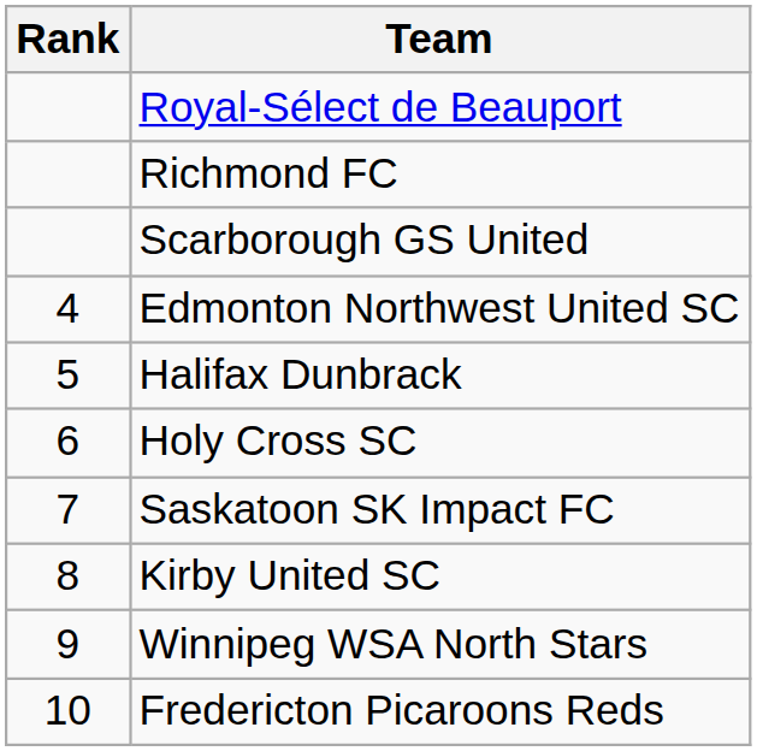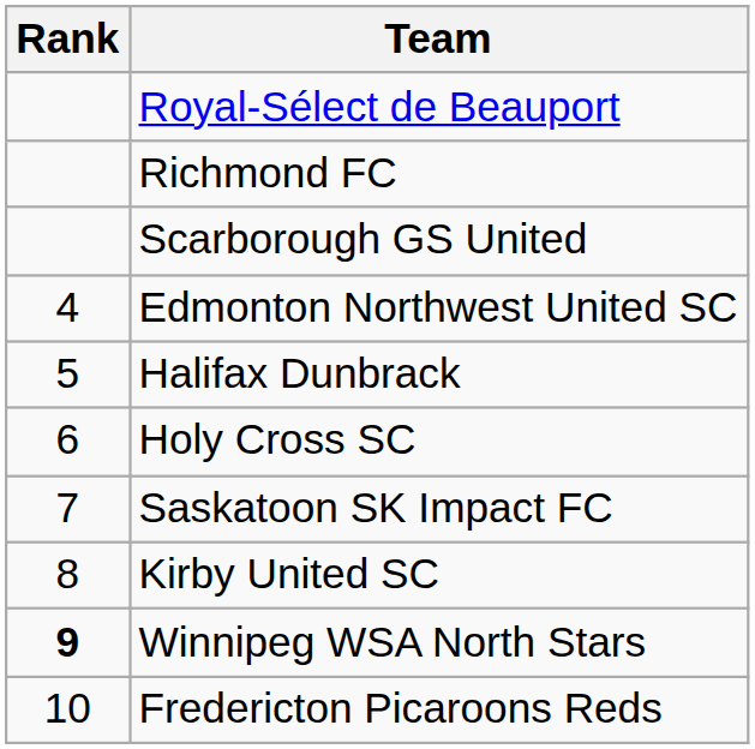 <table class="wikitable">
 <tr>
 <th>Rank</th>
 <th>Team</th>
 </tr>
 <tr>
 <td align=center></td>
 <td> <a href='#'>Royal-Sélect de Beauport</a></td>
 </tr>
 <tr>
 <td align=center></td>
 <td> Richmond FC</td>
 </tr>
 <tr>
 <td align=center></td>
 <td> Scarborough GS United</td>
 </tr>
 <tr>
 <td align=center>4</td>
 <td> Edmonton Northwest United SC</td>
 </tr>
 <tr>
 <td align=center>5</td>
 <td> Halifax Dunbrack</td>
 </tr>
 <tr>
 <td align=center>6</td>
 <td> Holy Cross SC</td>
 </tr>
 <tr>
 <td align=center>7</td>
 <td> Saskatoon SK Impact FC</td>
 </tr>
 <tr>
 <td align=center>8</td>
 <td> Kirby United SC</td>
 </tr>
 <tr>
-<td align=center>9</td>
+<td align=center><strong>9</strong></td>
 <td> Winnipeg WSA North Stars</td>
 </tr>
 <tr>
 <td align=center>10</td>
 <td> Fredericton Picaroons Reds</td>
 </tr>
 </table>
